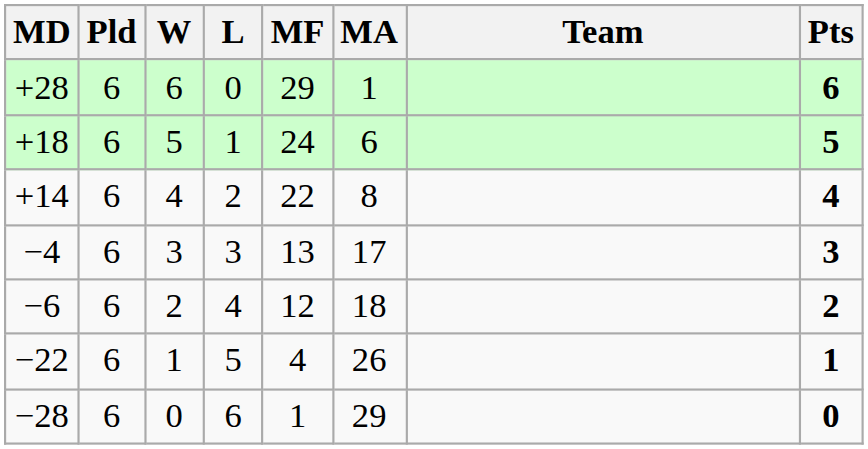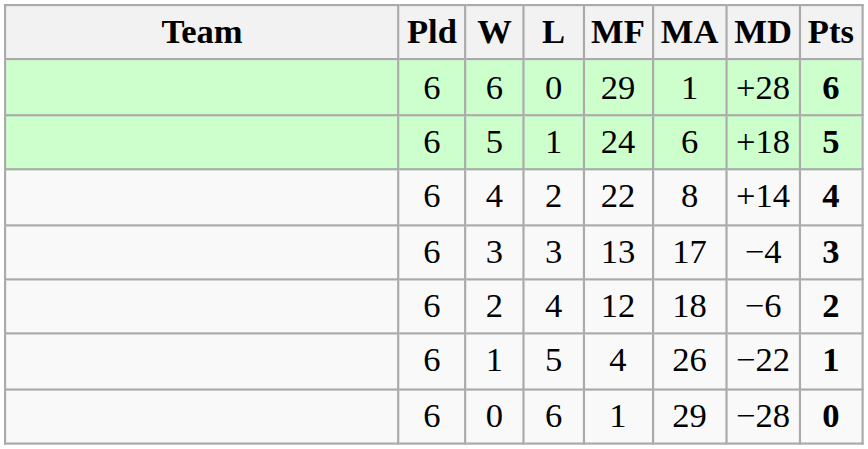 <table class="wikitable" style="text-align:center">
 <tr>
-<th width="20">MD</th>
+<th width="175">Team</th>
 <th width="20">Pld</th>
 <th width="20">W</th>
 <th width="20">L</th>
 <th width="20">MF</th>
 <th width="20">MA</th>
-<th width="175">Team</th>
+<th width="20">MD</th>
 <th width="20">Pts</th>
 </tr>
 <tr bgcolor="ccffcc">
-<td>+28</td>
+<td align="left"></td>
 <td>6</td>
 <td>6</td>
 <td>0</td>
 <td>29</td>
 <td>1</td>
-<td align="left"></td>
+<td>+28</td>
 <td><strong>6</strong></td>
 </tr>
 <tr bgcolor="ccffcc">
-<td>+18</td>
+<td align="left"></td>
 <td>6</td>
 <td>5</td>
 <td>1</td>
 <td>24</td>
 <td>6</td>
-<td align="left"></td>
+<td>+18</td>
 <td><strong>5</strong></td>
 </tr>
 <tr>
-<td>+14</td>
+<td align="left"></td>
 <td>6</td>
 <td>4</td>
 <td>2</td>
 <td>22</td>
 <td>8</td>
-<td align="left"></td>
+<td>+14</td>
 <td><strong>4</strong></td>
 </tr>
 <tr>
-<td>−4</td>
+<td align="left"></td>
 <td>6</td>
 <td>3</td>
 <td>3</td>
 <td>13</td>
 <td>17</td>
-<td align="left"></td>
+<td>−4</td>
 <td><strong>3</strong></td>
 </tr>
 <tr>
-<td>−6</td>
+<td align="left"></td>
 <td>6</td>
 <td>2</td>
 <td>4</td>
 <td>12</td>
 <td>18</td>
-<td align="left"></td>
+<td>−6</td>
 <td><strong>2</strong></td>
 </tr>
 <tr>
-<td>−22</td>
+<td align="left"></td>
 <td>6</td>
 <td>1</td>
 <td>5</td>
 <td>4</td>
 <td>26</td>
-<td align="left"></td>
+<td>−22</td>
 <td><strong>1</strong></td>
 </tr>
 <tr>
-<td>−28</td>
+<td align="left"></td>
 <td>6</td>
 <td>0</td>
 <td>6</td>
 <td>1</td>
 <td>29</td>
-<td align="left"></td>
+<td>−28</td>
 <td><strong>0</strong></td>
 </tr>
 </table>
